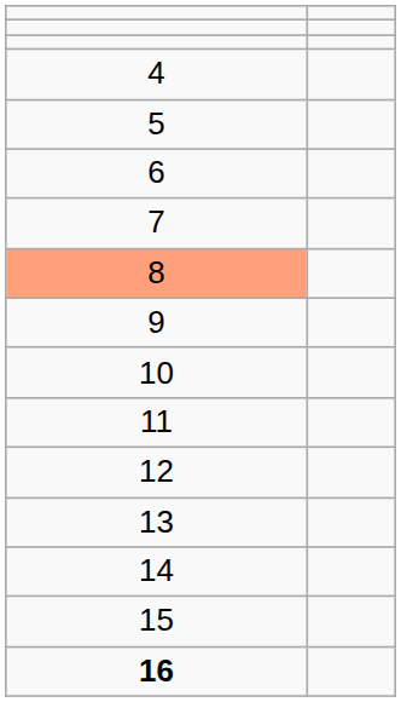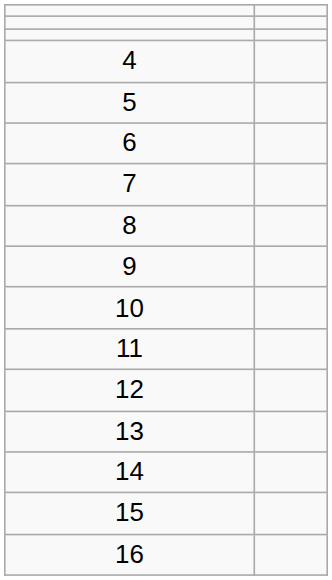 <table class="wikitable" width="200px">
 <tr>
 <td align=center></td>
 <td></td>
 </tr>
 <tr>
 <td align=center></td>
 <td></td>
 </tr>
 <tr>
 <td align=center></td>
 <td></td>
 </tr>
 <tr>
 <td align=center>4</td>
 <td></td>
 </tr>
 <tr>
 <td align=center>5</td>
 <td></td>
 </tr>
 <tr>
 <td align=center>6</td>
 <td></td>
 </tr>
 <tr>
 <td align=center>7</td>
 <td></td>
 </tr>
 <tr>
-<td align=center style="background: lightsalmon;">8</td>
+<td align=center>8</td>
 <td></td>
 </tr>
 <tr>
 <td align=center>9</td>
 <td></td>
 </tr>
 <tr>
 <td align=center>10</td>
 <td></td>
 </tr>
 <tr>
 <td align=center>11</td>
 <td></td>
 </tr>
 <tr>
 <td align=center>12</td>
 <td></td>
 </tr>
 <tr>
 <td align=center>13</td>
 <td></td>
 </tr>
 <tr>
 <td align=center>14</td>
 <td></td>
 </tr>
 <tr>
 <td align=center>15</td>
 <td></td>
 </tr>
 <tr>
-<td align=center><strong>16</strong></td>
+<td align=center>16</td>
 <td></td>
 </tr>
 </table>
